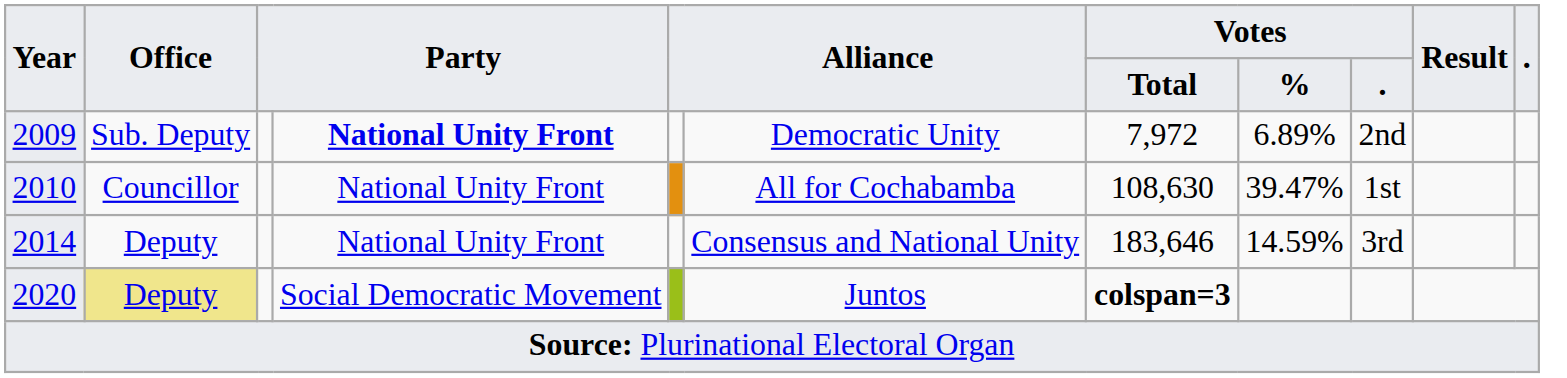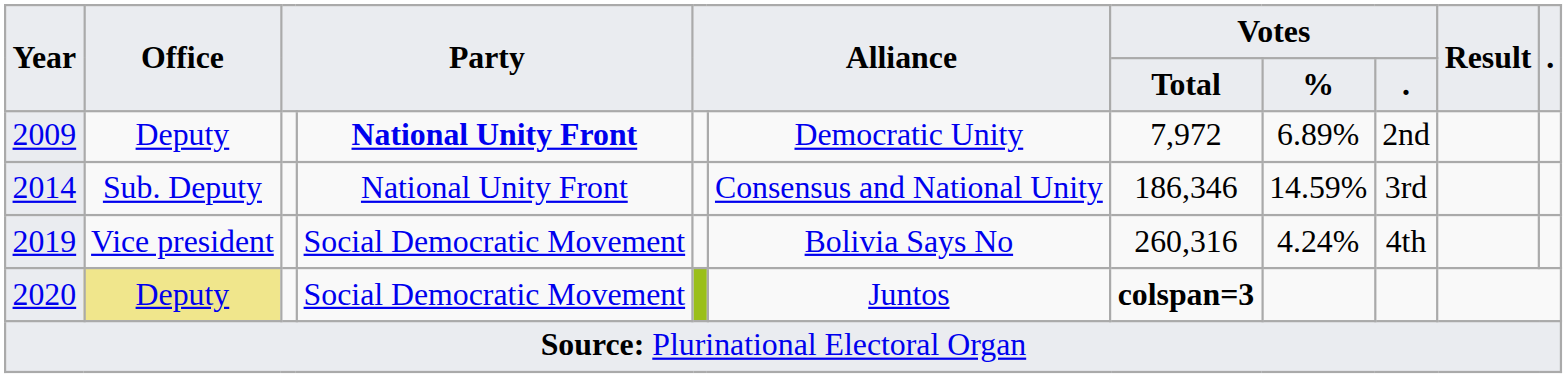 <table class="wikitable" style="font-size:90%; text-align:center;">
 <tr>
 <th style="background-color:#EAECF0;" rowspan=2>Year</th>
 <th style="background-color:#EAECF0;" rowspan=2>Office</th>
 <th style="background-color:#EAECF0;" colspan=2 rowspan=2>Party</th>
 <th style="background-color:#EAECF0;" colspan=2 rowspan=2>Alliance</th>
 <th style="background-color:#EAECF0;" colspan=3>Votes</th>
 <th style="background-color:#EAECF0;" rowspan=2>Result</th>
 <th style="background-color:#EAECF0;" rowspan=2>.</th>
 </tr>
 <tr>
 <th style="background-color:#EAECF0;">Total</th>
 <th style="background-color:#EAECF0;">%</th>
 <th style="background-color:#EAECF0;">.</th>
 </tr>
 <tr>
 <td style="background-color:#EAECF0;"><a href='#'>2009</a></td>
-<td><a href='#'>Sub. Deputy</a></td>
+<td><a href='#'>Deputy</a></td>
 <td style="background-color:"></td>
 <td><strong><a href='#'>National Unity Front</a></strong></td>
 <td style="background-color:"></td>
 <td><a href='#'>Democratic Unity</a></td>
 <td>7,972</td>
 <td>6.89%</td>
 <td>2nd</td>
 <td></td>
 <td></td>
 </tr>
 <tr>
-<td style="background-color:#EAECF0;"><a href='#'>2010</a></td>
-<td><a href='#'>Councillor</a></td>
+<td style="background-color:#EAECF0;"><a href='#'>2014</a></td>
+<td><a href='#'>Sub. Deputy</a></td>
 <td style="background-color:"></td>
 <td><a href='#'>National Unity Front</a></td>
-<td style="background-color:#E3900F;"></td>
-<td><a href='#'>All for Cochabamba</a></td>
-<td>108,630</td>
-<td>39.47%</td>
-<td>1st</td>
+<td style="background-color:"></td>
+<td><a href='#'>Consensus and National Unity</a></td>
+<td>186,346</td>
+<td>14.59%</td>
+<td>3rd</td>
 <td></td>
 <td></td>
 </tr>
 <tr>
-<td style="background-color:#EAECF0;"><a href='#'>2014</a></td>
-<td><a href='#'>Deputy</a></td>
+<td style="background-color:#EAECF0;"><a href='#'>2019</a></td>
+<td><a href='#'>Vice president</a></td>
 <td style="background-color:"></td>
-<td><a href='#'>National Unity Front</a></td>
+<td><a href='#'>Social Democratic Movement</a></td>
 <td style="background-color:"></td>
-<td><a href='#'>Consensus and National Unity</a></td>
-<td>183,646</td>
-<td>14.59%</td>
-<td>3rd</td>
+<td><a href='#'>Bolivia Says No</a></td>
+<td>260,316</td>
+<td>4.24%</td>
+<td>4th</td>
 <td></td>
 <td></td>
 </tr>
 <tr>
 <td style="background-color:#EAECF0;"><a href='#'>2020</a></td>
 <td style="background: khaki;"><a href='#'>Deputy</a></td>
 <td style="background-color:"></td>
 <td><a href='#'>Social Democratic Movement</a></td>
 <td style="background-color:#9ABF19;"></td>
 <td><a href='#'>Juntos</a></td>
 <td><strong>colspan=3 </strong></td>
 <td></td>
 <td></td>
 </tr>
 <tr>
 <td style="background-color:#EAECF0;" colspan=11><strong>Source:</strong> <a href='#'>Plurinational Electoral Organ</a>  </td>
 </tr>
 </table>
